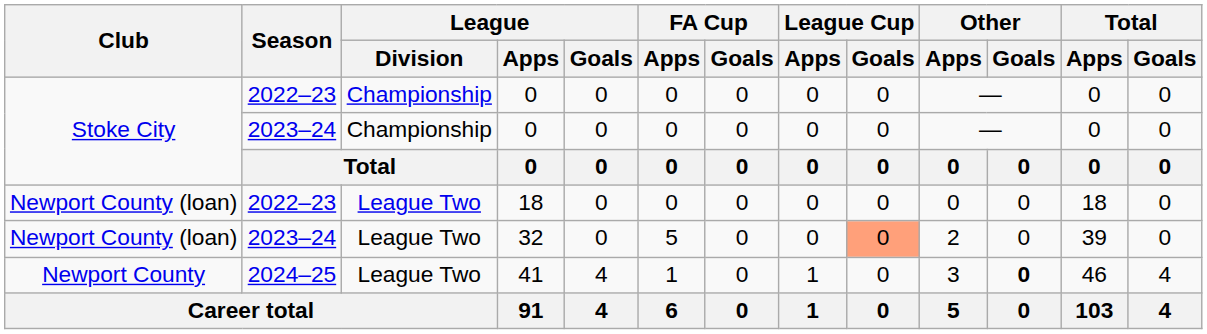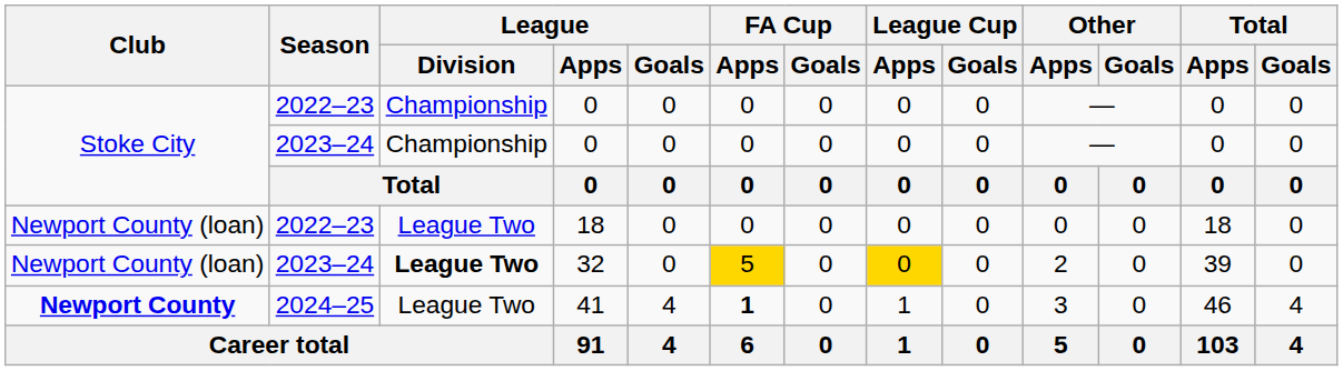 <table class="wikitable" style="text-align: center;">
 <tr>
 <th rowspan="2">Club</th>
 <th rowspan="2">Season</th>
 <th colspan="3">League</th>
 <th colspan="2">FA Cup</th>
 <th colspan="2">League Cup</th>
 <th colspan="2">Other</th>
 <th colspan="2">Total</th>
 </tr>
 <tr>
 <th>Division</th>
 <th>Apps</th>
 <th>Goals</th>
 <th>Apps</th>
 <th>Goals</th>
 <th>Apps</th>
 <th>Goals</th>
 <th>Apps</th>
 <th>Goals</th>
 <th>Apps</th>
 <th>Goals</th>
 </tr>
 <tr>
 <td rowspan=3><a href='#'>Stoke City</a></td>
 <td><a href='#'>2022–23</a></td>
 <td><a href='#'>Championship</a></td>
 <td>0</td>
 <td>0</td>
 <td>0</td>
 <td>0</td>
 <td>0</td>
 <td>0</td>
 <td colspan=2>—</td>
 <td>0</td>
 <td>0</td>
 </tr>
 <tr>
 <td><a href='#'>2023–24</a></td>
 <td>Championship</td>
 <td>0</td>
 <td>0</td>
 <td>0</td>
 <td>0</td>
 <td>0</td>
 <td>0</td>
 <td colspan=2>—</td>
 <td>0</td>
 <td>0</td>
 </tr>
 <tr>
 <th colspan="2">Total</th>
 <th>0</th>
 <th>0</th>
 <th>0</th>
 <th>0</th>
 <th>0</th>
 <th>0</th>
 <th>0</th>
 <th>0</th>
 <th>0</th>
 <th>0</th>
 </tr>
 <tr>
 <td><a href='#'>Newport County</a> (loan)</td>
 <td><a href='#'>2022–23</a></td>
 <td><a href='#'>League Two</a></td>
 <td>18</td>
 <td>0</td>
 <td>0</td>
 <td>0</td>
 <td>0</td>
 <td>0</td>
 <td>0</td>
 <td>0</td>
 <td>18</td>
 <td>0</td>
 </tr>
 <tr>
 <td><a href='#'>Newport County</a> (loan)</td>
 <td><a href='#'>2023–24</a></td>
-<td>League Two</td>
+<td><strong>League Two</strong></td>
 <td>32</td>
 <td>0</td>
-<td>5</td>
+<td style="background: gold;">5</td>
 <td>0</td>
+<td style="background: gold;">0</td>
 <td>0</td>
-<td style="background: lightsalmon;">0</td>
 <td>2</td>
 <td>0</td>
 <td>39</td>
 <td>0</td>
 </tr>
 <tr>
-<td><a href='#'>Newport County</a></td>
+<td><strong><a href='#'>Newport County</a></strong></td>
 <td><a href='#'>2024–25</a></td>
 <td>League Two</td>
 <td>41</td>
 <td>4</td>
-<td>1</td>
+<td><strong>1</strong></td>
 <td>0</td>
 <td>1</td>
 <td>0</td>
 <td>3</td>
-<td><strong>0</strong></td>
+<td>0</td>
 <td>46</td>
 <td>4</td>
 </tr>
 <tr>
 <th colspan="3">Career total</th>
 <th>91</th>
 <th>4</th>
 <th>6</th>
 <th>0</th>
 <th>1</th>
 <th>0</th>
 <th>5</th>
 <th>0</th>
 <th>103</th>
 <th>4</th>
 </tr>
 </table>
